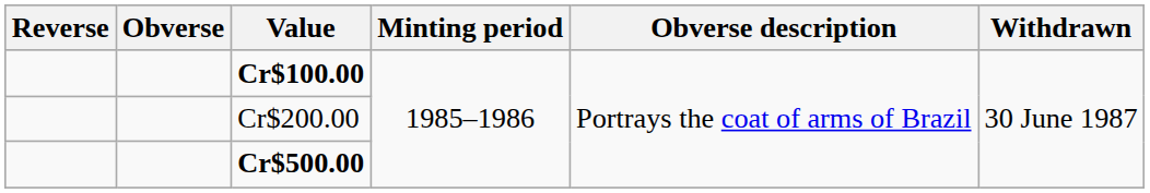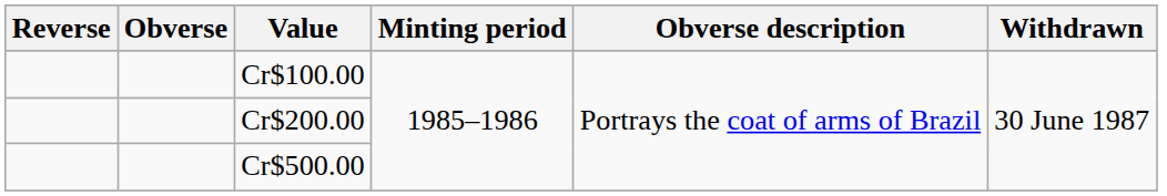 <table class="wikitable">
 <tr>
 <th>Reverse</th>
 <th>Obverse</th>
 <th>Value</th>
 <th>Minting period</th>
 <th>Obverse description</th>
 <th>Withdrawn</th>
 </tr>
 <tr>
 <td></td>
 <td></td>
-<td><strong>Cr$100.00</strong></td>
+<td>Cr$100.00</td>
 <td rowspan="3" style="text-align: center;">1985–1986</td>
 <td rowspan="3">Portrays the <a href='#'>coat of arms of Brazil</a></td>
 <td rowspan="3" style="text-align: center;">30 June 1987</td>
 </tr>
 <tr>
 <td></td>
 <td></td>
 <td>Cr$200.00</td>
 </tr>
 <tr>
 <td></td>
 <td></td>
-<td><strong>Cr$500.00</strong></td>
+<td>Cr$500.00</td>
 </tr>
 </table>
